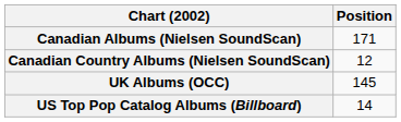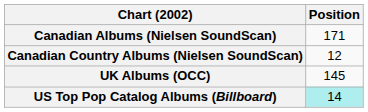 <table class="wikitable sortable plainrowheaders" style="text-align:center;">
 <tr>
 <th scope="col">Chart (2002)</th>
 <th scope="col">Position</th>
 </tr>
 <tr>
 <th scope="row">Canadian Albums (Nielsen SoundScan)</th>
 <td>171</td>
 </tr>
 <tr>
 <th scope="row">Canadian Country Albums (Nielsen SoundScan)</th>
 <td>12</td>
 </tr>
 <tr>
 <th scope="row">UK Albums (OCC)</th>
 <td>145</td>
 </tr>
 <tr>
 <th scope="row">US Top Pop Catalog Albums (<em>Billboard</em>)</th>
-<td>14</td>
+<td style="background: paleturquoise;">14</td>
 </tr>
 </table>
